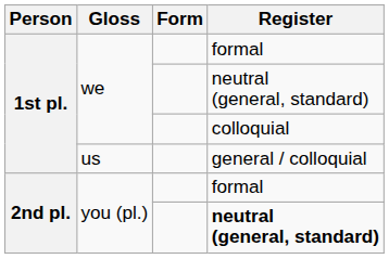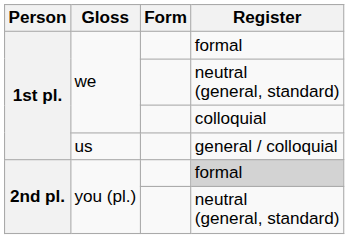 <table class="wikitable">
 <tr>
 <th>Person</th>
 <th>Gloss</th>
 <th>Form</th>
 <th>Register</th>
 </tr>
 <tr>
 <th rowspan="4">1st pl.</th>
 <td rowspan="3">we</td>
 <td></td>
 <td>formal</td>
 </tr>
 <tr>
 <td></td>
 <td>neutral<br>(general, standard)</td>
 </tr>
 <tr>
 <td></td>
 <td>colloquial</td>
 </tr>
 <tr>
 <td>us</td>
 <td></td>
 <td>general / colloquial</td>
 </tr>
 <tr>
 <th rowspan="2">2nd pl.</th>
 <td rowspan="2">you (pl.)</td>
 <td></td>
-<td>formal</td>
+<td style="background: lightgrey;">formal</td>
 </tr>
 <tr>
 <td></td>
-<td><strong>neutral<br>(general, standard)</strong></td>
+<td>neutral<br>(general, standard)</td>
 </tr>
 </table>
